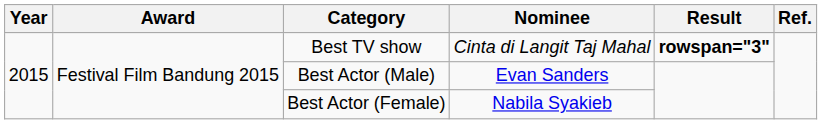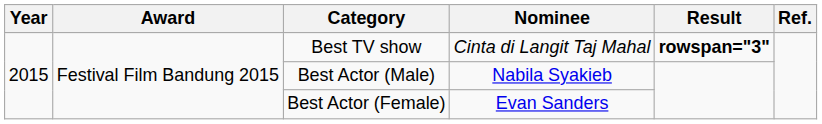 <table class="wikitable" style="text-align:center;">
 <tr>
 <th>Year</th>
 <th>Award</th>
 <th>Category</th>
 <th>Nominee</th>
 <th>Result</th>
 <th>Ref.</th>
 </tr>
 <tr>
 <td rowspan="3">2015</td>
 <td rowspan="3">Festival Film Bandung 2015</td>
 <td>Best TV show</td>
 <td><em>Cinta di Langit Taj Mahal</em></td>
 <td><strong>rowspan="3" </strong></td>
 <td rowspan="3"></td>
 </tr>
 <tr>
 <td>Best Actor (Male)</td>
-<td><a href='#'>Evan Sanders</a></td>
+<td><a href='#'>Nabila Syakieb</a></td>
 </tr>
 <tr>
 <td>Best Actor (Female)</td>
-<td><a href='#'>Nabila Syakieb</a></td>
+<td><a href='#'>Evan Sanders</a></td>
 </tr>
 </table>
